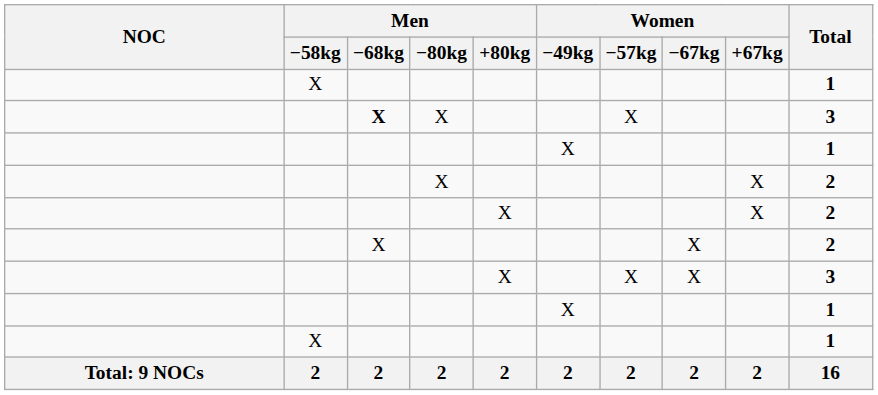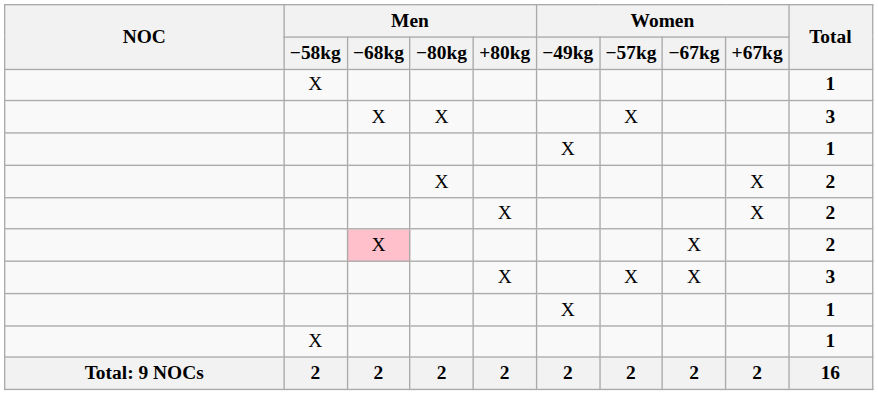 <table class="wikitable" style="text-align:center; font-size:90%">
 <tr>
 <th rowspan="2" width=200 align="left">NOC</th>
 <th colspan="4">Men</th>
 <th colspan="4">Women</th>
 <th width=55 rowspan="2">Total</th>
 </tr>
 <tr>
 <th width=40>−58kg</th>
 <th width=40>−68kg</th>
 <th width=40>−80kg</th>
 <th width=40>+80kg</th>
 <th width=40>−49kg</th>
 <th width=40>−57kg</th>
 <th width=40>−67kg</th>
 <th width=40>+67kg</th>
 </tr>
 <tr>
 <td align="left"></td>
 <td>X</td>
 <td></td>
 <td></td>
 <td></td>
 <td></td>
 <td></td>
 <td></td>
 <td></td>
 <td><strong>1</strong></td>
 </tr>
 <tr>
 <td align="left"></td>
 <td></td>
-<td><strong>X</strong></td>
+<td>X</td>
 <td>X</td>
 <td></td>
 <td></td>
 <td>X</td>
 <td></td>
 <td></td>
 <td><strong>3</strong></td>
 </tr>
 <tr>
 <td align="left"></td>
 <td></td>
 <td></td>
 <td></td>
 <td></td>
 <td>X</td>
 <td></td>
 <td></td>
 <td></td>
 <td><strong>1</strong></td>
 </tr>
 <tr>
 <td align="left"></td>
 <td></td>
 <td></td>
 <td>X</td>
 <td></td>
 <td></td>
 <td></td>
 <td></td>
 <td>X</td>
 <td><strong>2</strong></td>
 </tr>
 <tr>
 <td align="left"></td>
 <td></td>
 <td></td>
 <td></td>
 <td>X</td>
 <td></td>
 <td></td>
 <td></td>
 <td>X</td>
 <td><strong>2</strong></td>
 </tr>
 <tr>
 <td align="left"></td>
 <td></td>
-<td>X</td>
+<td style="background: pink;">X</td>
 <td></td>
 <td></td>
 <td></td>
 <td></td>
 <td>X</td>
 <td></td>
 <td><strong>2</strong></td>
 </tr>
 <tr>
 <td align="left"></td>
 <td></td>
 <td></td>
 <td></td>
 <td>X</td>
 <td></td>
 <td>X</td>
 <td>X</td>
 <td></td>
 <td><strong>3</strong></td>
 </tr>
 <tr>
 <td align="left"></td>
 <td></td>
 <td></td>
 <td></td>
 <td></td>
 <td>X</td>
 <td></td>
 <td></td>
 <td></td>
 <td><strong>1</strong></td>
 </tr>
 <tr>
 <td align="left"></td>
 <td>X</td>
 <td></td>
 <td></td>
 <td></td>
 <td></td>
 <td></td>
 <td></td>
 <td></td>
 <td><strong>1</strong></td>
 </tr>
 <tr>
 <th>Total: 9 NOCs</th>
 <th>2</th>
 <th>2</th>
 <th>2</th>
 <th>2</th>
 <th>2</th>
 <th>2</th>
 <th>2</th>
 <th>2</th>
 <th>16</th>
 </tr>
 </table>
